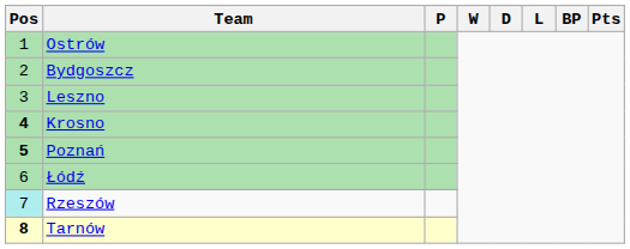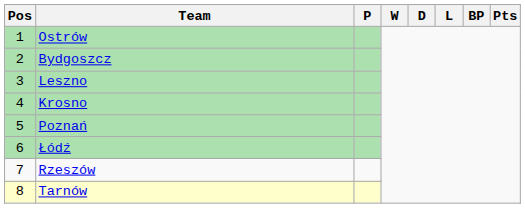 <table class="wikitable" style="font-size: 100%">
 <tr>
 <th width=20>Pos</th>
 <th width=300>Team</th>
 <th width=20>P</th>
 <th width=20>W</th>
 <th width=20>D</th>
 <th width=20>L</th>
 <th width=20>BP</th>
 <th width=20>Pts</th>
 </tr>
 <tr align=center style="background:#ACE1AF;">
 <td>1</td>
 <td align="left"><a href='#'>Ostrów</a></td>
 <td></td>
 </tr>
 <tr align=center style="background:#ACE1AF;">
 <td>2</td>
 <td align="left"><a href='#'>Bydgoszcz</a></td>
 <td 14></td>
 </tr>
 <tr align=center style="background:#ACE1AF;">
 <td>3</td>
 <td align="left"><a href='#'>Leszno</a></td>
 <td></td>
 </tr>
 <tr align=center style="background:#ACE1AF;">
-<td><strong>4</strong></td>
+<td>4</td>
 <td align="left"><a href='#'>Krosno</a></td>
 <td></td>
 </tr>
 <tr align=center style="background:#ACE1AF;">
-<td><strong>5</strong></td>
+<td>5</td>
 <td align="left"><a href='#'>Poznań</a></td>
 <td></td>
 </tr>
 <tr align=center style="background:#ACE1AF;">
 <td>6</td>
 <td align="left"><a href='#'>Łódź</a></td>
 <td></td>
 </tr>
 <tr align=center>
-<td style="background: paleturquoise;">7</td>
+<td>7</td>
 <td align="left"><a href='#'>Rzeszów</a></td>
 <td></td>
 </tr>
 <tr align=center style="background: #ffffcc;">
-<td><strong>8</strong></td>
+<td>8</td>
 <td align="left"><a href='#'>Tarnów</a></td>
 <td></td>
 </tr>
 </table>
